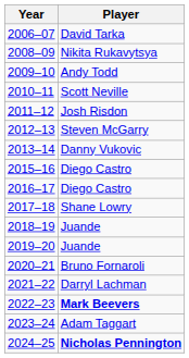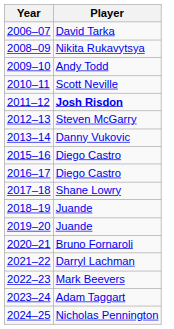 <table class="wikitable">
 <tr>
 <th>Year</th>
 <th>Player</th>
 </tr>
 <tr>
 <td><a href='#'>2006–07</a></td>
 <td> <a href='#'>David Tarka</a></td>
 </tr>
 <tr>
 <td><a href='#'>2008–09</a></td>
 <td> <a href='#'>Nikita Rukavytsya</a></td>
 </tr>
 <tr>
 <td><a href='#'>2009–10</a></td>
 <td> <a href='#'>Andy Todd</a></td>
 </tr>
 <tr>
 <td><a href='#'>2010–11</a></td>
 <td> <a href='#'>Scott Neville</a></td>
 </tr>
 <tr>
 <td><a href='#'>2011–12</a></td>
-<td> <a href='#'>Josh Risdon</a></td>
+<td><strong> <a href='#'>Josh Risdon</a></strong></td>
 </tr>
 <tr>
 <td><a href='#'>2012–13</a></td>
 <td> <a href='#'>Steven McGarry</a></td>
 </tr>
 <tr>
 <td><a href='#'>2013–14</a></td>
 <td> <a href='#'>Danny Vukovic</a></td>
 </tr>
 <tr>
 <td><a href='#'>2015–16</a></td>
 <td> <a href='#'>Diego Castro</a></td>
 </tr>
 <tr>
 <td><a href='#'>2016–17</a></td>
 <td> <a href='#'>Diego Castro</a></td>
 </tr>
 <tr>
 <td><a href='#'>2017–18</a></td>
 <td> <a href='#'>Shane Lowry</a></td>
 </tr>
 <tr>
 <td><a href='#'>2018–19</a></td>
 <td> <a href='#'>Juande</a></td>
 </tr>
 <tr>
 <td><a href='#'>2019–20</a></td>
 <td> <a href='#'>Juande</a></td>
 </tr>
 <tr>
 <td><a href='#'>2020–21</a></td>
 <td> <a href='#'>Bruno Fornaroli</a></td>
 </tr>
 <tr>
 <td><a href='#'>2021–22</a></td>
 <td> <a href='#'>Darryl Lachman</a></td>
 </tr>
 <tr>
 <td><a href='#'>2022–23</a></td>
-<td><strong> <a href='#'>Mark Beevers</a></strong></td>
+<td> <a href='#'>Mark Beevers</a></td>
 </tr>
 <tr>
 <td><a href='#'>2023–24</a></td>
 <td> <a href='#'>Adam Taggart</a></td>
 </tr>
 <tr>
 <td><a href='#'>2024–25</a></td>
-<td><strong> <a href='#'>Nicholas Pennington</a></strong></td>
+<td> <a href='#'>Nicholas Pennington</a></td>
 </tr>
 </table>
